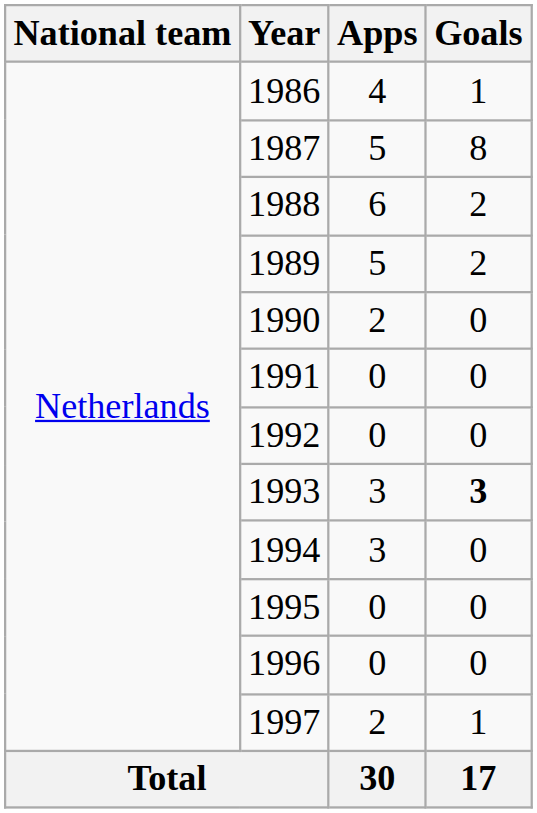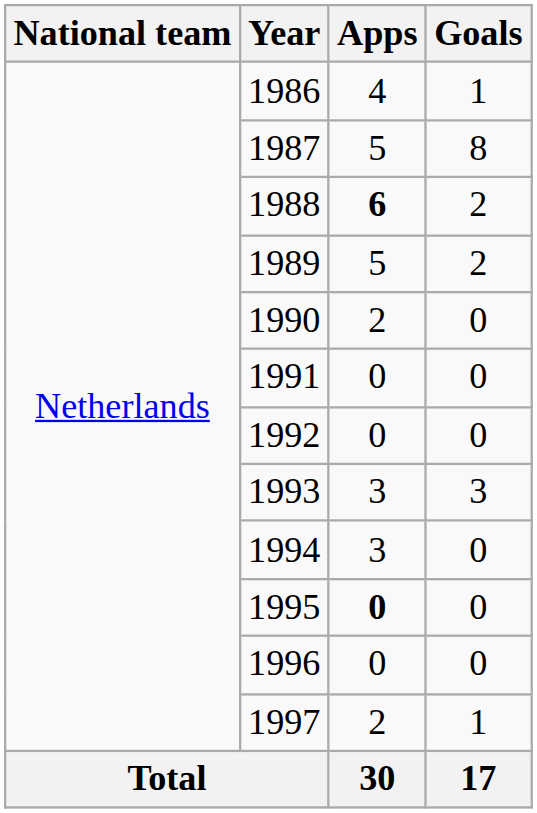 <table class="wikitable" style="text-align:center">
 <tr>
 <th>National team</th>
 <th>Year</th>
 <th>Apps</th>
 <th>Goals</th>
 </tr>
 <tr>
 <td rowspan="12"><a href='#'>Netherlands</a></td>
 <td>1986</td>
 <td>4</td>
 <td>1</td>
 </tr>
 <tr>
 <td>1987</td>
 <td>5</td>
 <td>8</td>
 </tr>
 <tr>
 <td>1988</td>
-<td>6</td>
+<td><strong>6</strong></td>
 <td>2</td>
 </tr>
 <tr>
 <td>1989</td>
 <td>5</td>
 <td>2</td>
 </tr>
 <tr>
 <td>1990</td>
 <td>2</td>
 <td>0</td>
 </tr>
 <tr>
 <td>1991</td>
 <td>0</td>
 <td>0</td>
 </tr>
 <tr>
 <td>1992</td>
 <td>0</td>
 <td>0</td>
 </tr>
 <tr>
 <td>1993</td>
 <td>3</td>
-<td><strong>3</strong></td>
+<td>3</td>
 </tr>
 <tr>
 <td>1994</td>
 <td>3</td>
 <td>0</td>
 </tr>
 <tr>
 <td>1995</td>
-<td>0</td>
+<td><strong>0</strong></td>
 <td>0</td>
 </tr>
 <tr>
 <td>1996</td>
 <td>0</td>
 <td>0</td>
 </tr>
 <tr>
 <td>1997</td>
 <td>2</td>
 <td>1</td>
 </tr>
 <tr>
 <th colspan="2">Total</th>
 <th>30</th>
 <th>17</th>
 </tr>
 </table>
